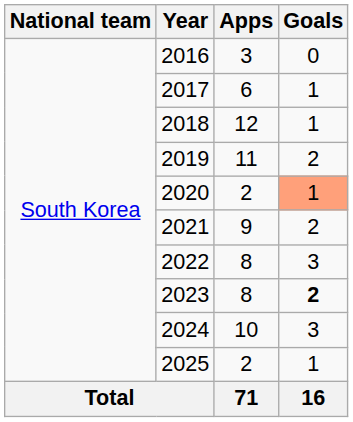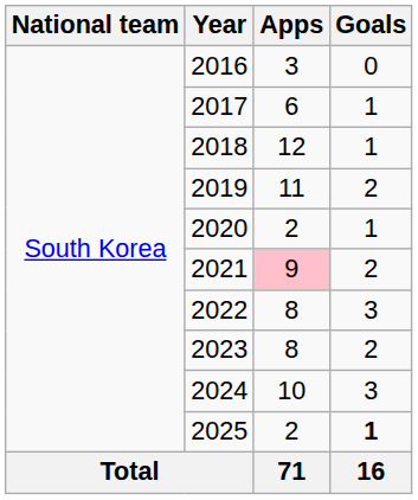 <table class="wikitable" style="text-align:center">
 <tr>
 <th>National team</th>
 <th>Year</th>
 <th>Apps</th>
 <th>Goals</th>
 </tr>
 <tr>
 <td rowspan="10"><a href='#'>South Korea</a></td>
 <td>2016</td>
 <td>3</td>
 <td>0</td>
 </tr>
 <tr>
 <td>2017</td>
 <td>6</td>
 <td>1</td>
 </tr>
 <tr>
 <td>2018</td>
 <td>12</td>
 <td>1</td>
 </tr>
 <tr>
 <td>2019</td>
 <td>11</td>
 <td>2</td>
 </tr>
 <tr>
 <td>2020</td>
 <td>2</td>
-<td style="background: lightsalmon;">1</td>
+<td>1</td>
 </tr>
 <tr>
 <td>2021</td>
-<td>9</td>
+<td style="background: pink;">9</td>
 <td>2</td>
 </tr>
 <tr>
 <td>2022</td>
 <td>8</td>
 <td>3</td>
 </tr>
 <tr>
 <td>2023</td>
 <td>8</td>
-<td><strong>2</strong></td>
+<td>2</td>
 </tr>
 <tr>
 <td>2024</td>
 <td>10</td>
 <td>3</td>
 </tr>
 <tr>
 <td>2025</td>
 <td>2</td>
-<td>1</td>
+<td><strong>1</strong></td>
 </tr>
 <tr>
 <th colspan="2">Total</th>
 <th>71</th>
 <th>16</th>
 </tr>
 </table>
